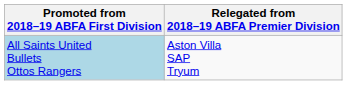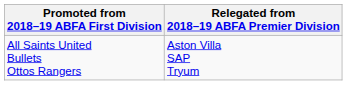 <table class="wikitable">
 <tr>
 <th>Promoted from<br><a href='#'>2018–19 ABFA First Division</a></th>
 <th>Relegated from<br><a href='#'>2018–19 ABFA Premier Division</a></th>
 </tr>
 <tr>
-<td style="background: lightblue;"><a href='#'>All Saints United</a><br><a href='#'>Bullets</a><br><a href='#'>Ottos Rangers</a></td>
+<td><a href='#'>All Saints United</a><br><a href='#'>Bullets</a><br><a href='#'>Ottos Rangers</a></td>
 <td><a href='#'>Aston Villa</a><br><a href='#'>SAP</a><br><a href='#'>Tryum</a></td>
 </tr>
 </table>
